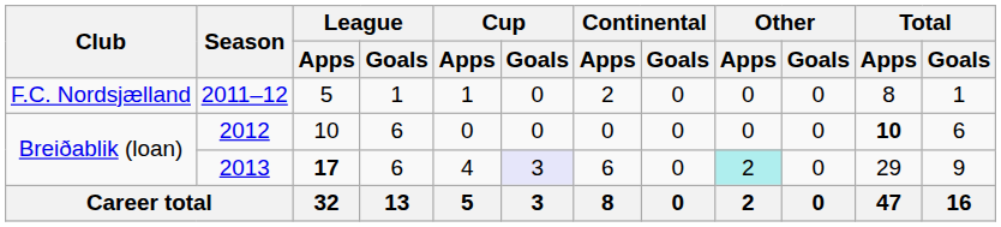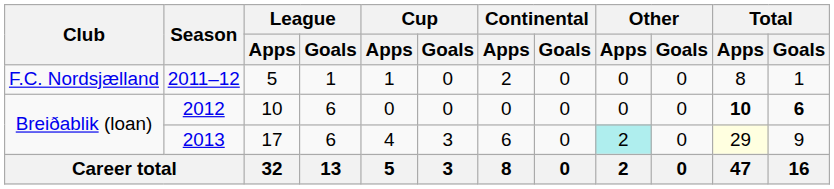 <table class="wikitable" style="text-align:center">
 <tr>
 <th rowspan="2">Club</th>
 <th rowspan="2">Season</th>
 <th colspan="2">League</th>
 <th colspan="2">Cup</th>
 <th colspan="2">Continental</th>
 <th colspan="2">Other</th>
 <th colspan="2">Total</th>
 </tr>
 <tr>
 <th>Apps</th>
 <th>Goals</th>
 <th>Apps</th>
 <th>Goals</th>
 <th>Apps</th>
 <th>Goals</th>
 <th>Apps</th>
 <th>Goals</th>
 <th>Apps</th>
 <th>Goals</th>
 </tr>
 <tr>
 <td><a href='#'>F.C. Nordsjælland</a></td>
 <td><a href='#'>2011–12</a></td>
 <td>5</td>
 <td>1</td>
 <td>1</td>
 <td>0</td>
 <td>2</td>
 <td>0</td>
 <td>0</td>
 <td>0</td>
 <td>8</td>
 <td>1</td>
 </tr>
 <tr>
 <td rowspan="2"><a href='#'>Breiðablik</a> (loan)</td>
 <td><a href='#'>2012</a></td>
 <td>10</td>
 <td>6</td>
 <td>0</td>
 <td>0</td>
 <td>0</td>
 <td>0</td>
 <td>0</td>
 <td>0</td>
 <td><strong>10</strong></td>
-<td>6</td>
+<td><strong>6</strong></td>
 </tr>
 <tr>
 <td><a href='#'>2013</a></td>
-<td><strong>17</strong></td>
+<td>17</td>
 <td>6</td>
 <td>4</td>
-<td style="background: lavender;">3</td>
+<td>3</td>
 <td>6</td>
 <td>0</td>
 <td style="background: paleturquoise;">2</td>
 <td>0</td>
-<td>29</td>
+<td style="background: lightyellow;">29</td>
 <td>9</td>
 </tr>
 <tr>
 <th colspan="2">Career total</th>
 <th>32</th>
 <th>13</th>
 <th>5</th>
 <th>3</th>
 <th>8</th>
 <th>0</th>
 <th>2</th>
 <th>0</th>
 <th>47</th>
 <th>16</th>
 </tr>
 </table>
